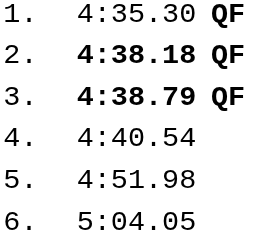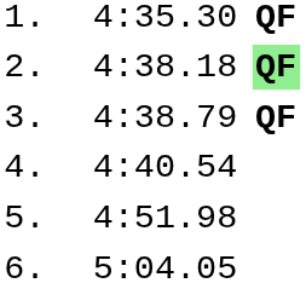 <table style="text-align:center">
 <tr>
 <td width=30>1.</td>
 <td align=left></td>
 <td width=60>4:35.30</td>
 <td><strong>QF</strong></td>
 </tr>
 <tr>
 <td>2.</td>
 <td align=left></td>
-<td><strong>4:38.18</strong></td>
-<td><strong>QF</strong></td>
+<td>4:38.18</td>
+<td style="background: lightgreen;"><strong>QF</strong></td>
 </tr>
 <tr>
 <td>3.</td>
 <td align=left></td>
-<td><strong>4:38.79</strong></td>
+<td>4:38.79</td>
 <td><strong>QF</strong></td>
 </tr>
 <tr>
 <td>4.</td>
 <td align=left></td>
 <td>4:40.54</td>
 </tr>
 <tr>
 <td>5.</td>
 <td align=left></td>
 <td>4:51.98</td>
 </tr>
 <tr>
 <td>6.</td>
 <td align=left></td>
 <td>5:04.05</td>
 </tr>
 </table>
